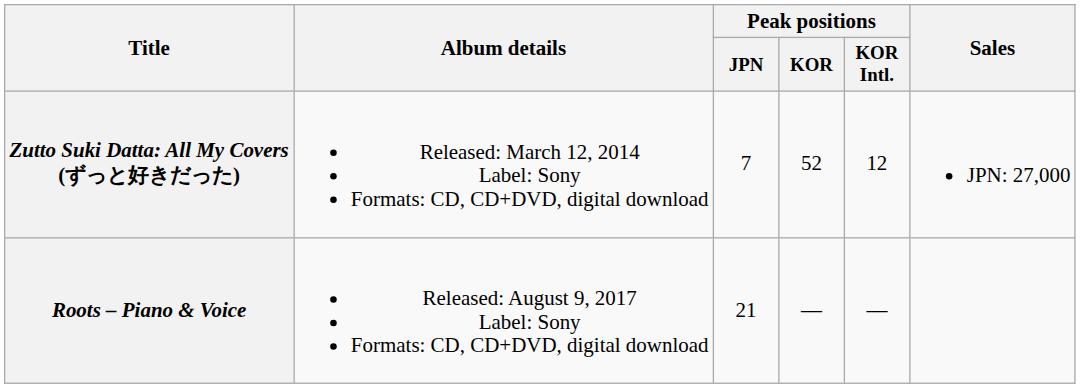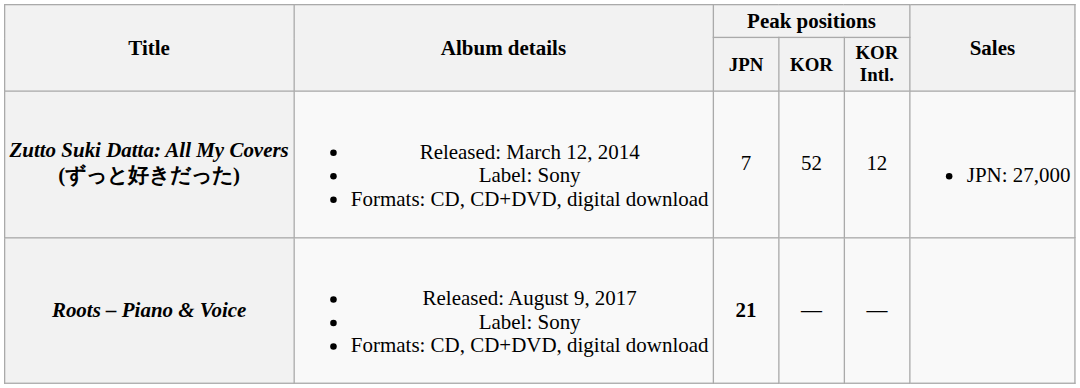 <table class="wikitable plainrowheaders" style="text-align:center;">
 <tr>
 <th rowspan="2">Title</th>
 <th rowspan="2">Album details</th>
 <th colspan="3">Peak positions</th>
 <th rowspan="2">Sales</th>
 </tr>
 <tr>
 <th scope="col" style="width:3em;font-size:90%;">JPN<br></th>
 <th scope="col" style="width:3em;font-size:90%;">KOR<br></th>
 <th scope="col" style="width:3em;font-size:90%;">KOR Intl.<br></th>
 </tr>
 <tr>
 <th scope="row"><em>Zutto Suki Datta: All My Covers</em><br>(ずっと好きだった)</th>
 <td><br><ul><li>Released: March 12, 2014</li><li>Label: Sony</li><li>Formats: CD, CD+DVD, digital download</li></ul></td>
 <td>7</td>
 <td>52</td>
 <td>12</td>
 <td><br><ul><li>JPN: 27,000</li></ul></td>
 </tr>
 <tr>
 <th scope="row"><em>Roots – Piano & Voice</em></th>
 <td><br><ul><li>Released: August 9, 2017</li><li>Label: Sony</li><li>Formats: CD, CD+DVD, digital download</li></ul></td>
-<td>21</td>
+<td><strong>21</strong></td>
 <td>—</td>
 <td>—</td>
 <td></td>
 </tr>
 </table>
